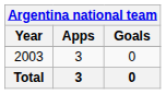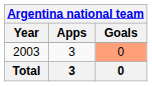 <table class="wikitable" style="text-align:center">
 <tr>
 <th colspan=3><a href='#'>Argentina national team</a></th>
 </tr>
 <tr>
 <th>Year</th>
 <th>Apps</th>
 <th>Goals</th>
 </tr>
 <tr>
 </tr>
 <tr>
 <td>2003</td>
 <td>3</td>
-<td>0</td>
+<td style="background: lightsalmon;">0</td>
 </tr>
 <tr>
 <th>Total</th>
 <th>3</th>
 <th>0</th>
 </tr>
 </table>
